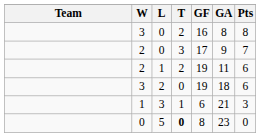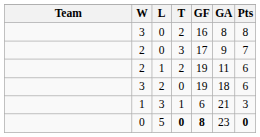 <table class=wikitable style=text-align:center>
 <tr>
 </tr>
 <tr bgcolor=eaecf0>
 <th width=170>Team</th>
 <th width=20>W</th>
 <th width=20>L</th>
 <th width=20>T</th>
 <th width=20><strong>GF</strong></th>
 <th width=20><strong>GA</strong></th>
 <th width=20><strong>Pts</strong></th>
 </tr>
 <tr bgcolor=>
 <td align=left></td>
 <td>3</td>
 <td>0</td>
 <td>2</td>
 <td>16</td>
 <td>8</td>
 <td>8</td>
 </tr>
 <tr bgcolor=>
 <td align=left></td>
 <td>2</td>
 <td>0</td>
 <td>3</td>
 <td>17</td>
 <td>9</td>
 <td>7</td>
 </tr>
 <tr bgcolor=>
 <td align=left></td>
 <td>2</td>
 <td>1</td>
 <td>2</td>
 <td>19</td>
 <td>11</td>
 <td>6</td>
 </tr>
 <tr bgcolor=>
 <td align=left></td>
 <td>3</td>
 <td>2</td>
 <td>0</td>
 <td>19</td>
 <td>18</td>
 <td>6</td>
 </tr>
 <tr bgcolor=>
 <td align=left></td>
 <td>1</td>
 <td>3</td>
 <td>1</td>
 <td>6</td>
 <td>21</td>
 <td>3</td>
 </tr>
 <tr bgcolor=>
 <td align=left></td>
 <td>0</td>
 <td>5</td>
 <td><strong>0</strong></td>
-<td>8</td>
+<td><strong>8</strong></td>
 <td>23</td>
-<td>0</td>
+<td><strong>0</strong></td>
 </tr>
 </table>
